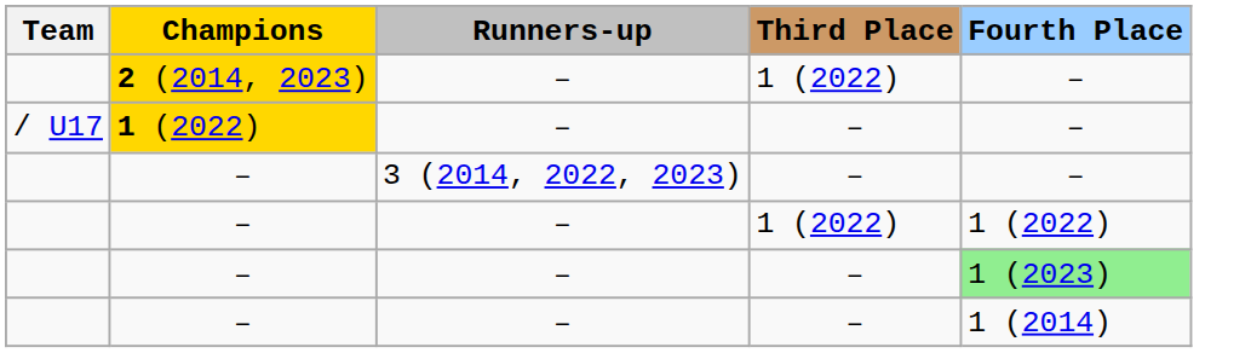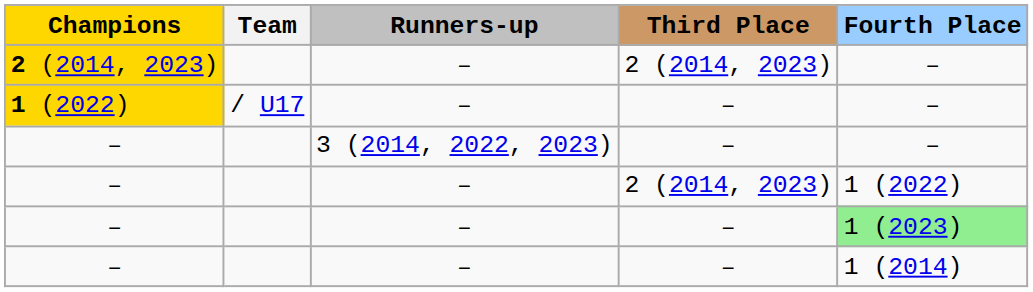 <table class="wikitable">
 <tr>
+<th style="background:gold;">Champions</th>
 <th>Team</th>
-<th style="background:gold;">Champions</th>
 <th style="background:silver;">Runners-up</th>
 <th style="background:#c96;">Third Place</th>
 <th style="background:#9acdff;">Fourth Place</th>
 </tr>
 <tr>
+<td style="background-color:gold;"><strong>2</strong> (<a href='#'>2014</a>, <a href='#'>2023</a>)</td>
 <td></td>
-<td style="background-color:gold;"><strong>2</strong> (<a href='#'>2014</a>, <a href='#'>2023</a>)</td>
 <td align="center">–</td>
-<td>1 (<a href='#'>2022</a>)</td>
+<td>2 (<a href='#'>2014</a>, <a href='#'>2023</a>)</td>
 <td align="center">–</td>
 </tr>
 <tr>
+<td style="background-color:gold;"><strong>1</strong> (<a href='#'>2022</a>)</td>
 <td> / <a href='#'>U17</a></td>
-<td style="background-color:gold;"><strong>1</strong> (<a href='#'>2022</a>)</td>
 <td align="center">–</td>
 <td align="center">–</td>
 <td align="center">–</td>
 </tr>
 <tr>
+<td align="center">–</td>
 <td></td>
-<td align="center">–</td>
 <td>3 (<a href='#'>2014</a>, <a href='#'>2022</a>, <a href='#'>2023</a>)</td>
 <td align="center">–</td>
 <td align="center">–</td>
 </tr>
 <tr>
+<td align="center">–</td>
 <td></td>
 <td align="center">–</td>
-<td align="center">–</td>
-<td>1 (<a href='#'>2022</a>)</td>
+<td>2 (<a href='#'>2014</a>, <a href='#'>2023</a>)</td>
 <td>1 (<a href='#'>2022</a>)</td>
 </tr>
 <tr>
+<td align="center">–</td>
 <td></td>
-<td align="center">–</td>
 <td align="center">–</td>
 <td align="center">–</td>
 <td style="background: lightgreen;">1 (<a href='#'>2023</a>)</td>
 </tr>
 <tr>
+<td align="center">–</td>
 <td></td>
-<td align="center">–</td>
 <td align="center">–</td>
 <td align="center">–</td>
 <td>1 (<a href='#'>2014</a>)</td>
 </tr>
 </table>
